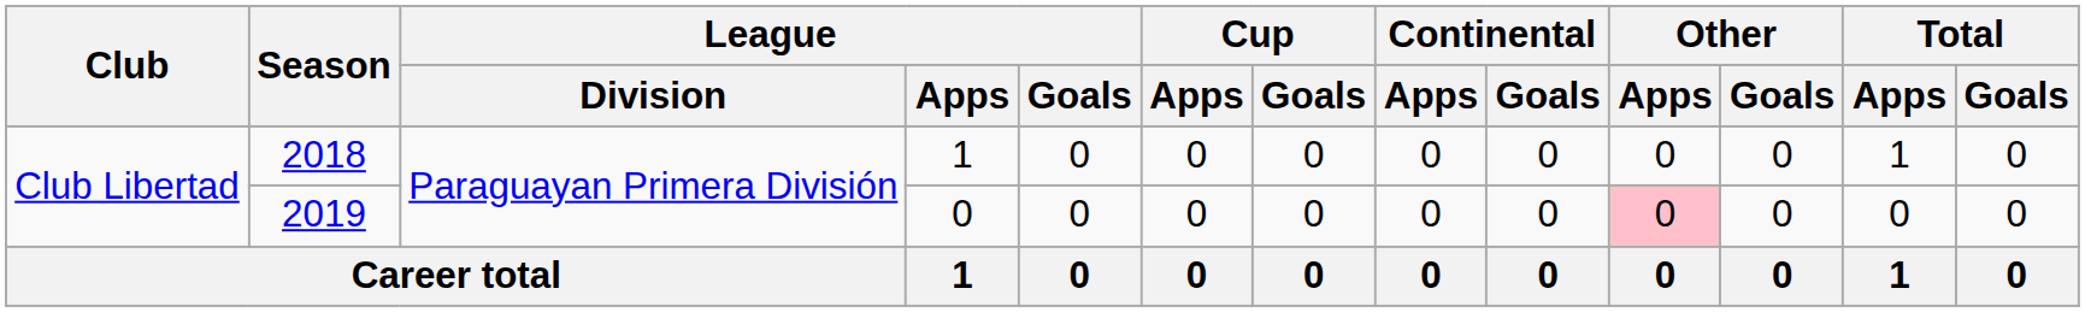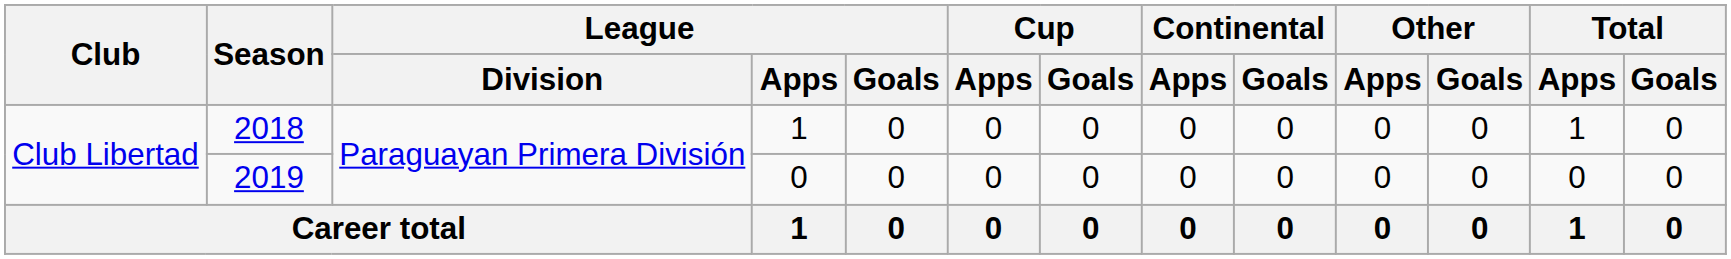 <table class="wikitable" style="text-align: center">
 <tr>
 <th rowspan="2">Club</th>
 <th rowspan="2">Season</th>
 <th colspan="3">League</th>
 <th colspan="2">Cup</th>
 <th colspan="2">Continental</th>
 <th colspan="2">Other</th>
 <th colspan="2">Total</th>
 </tr>
 <tr>
 <th>Division</th>
 <th>Apps</th>
 <th>Goals</th>
 <th>Apps</th>
 <th>Goals</th>
 <th>Apps</th>
 <th>Goals</th>
 <th>Apps</th>
 <th>Goals</th>
 <th>Apps</th>
 <th>Goals</th>
 </tr>
 <tr>
 <td rowspan="2"><a href='#'>Club Libertad</a></td>
 <td><a href='#'>2018</a></td>
 <td rowspan="2"><a href='#'>Paraguayan Primera División</a></td>
 <td>1</td>
 <td>0</td>
 <td>0</td>
 <td>0</td>
 <td>0</td>
 <td>0</td>
 <td>0</td>
 <td>0</td>
 <td>1</td>
 <td>0</td>
 </tr>
 <tr>
 <td><a href='#'>2019</a></td>
 <td>0</td>
 <td>0</td>
 <td>0</td>
 <td>0</td>
 <td>0</td>
 <td>0</td>
-<td style="background: pink;">0</td>
+<td>0</td>
 <td>0</td>
 <td>0</td>
 <td>0</td>
 </tr>
 <tr>
 <th colspan="3"><strong>Career total</strong></th>
 <th>1</th>
 <th>0</th>
 <th>0</th>
 <th>0</th>
 <th>0</th>
 <th>0</th>
 <th>0</th>
 <th>0</th>
 <th>1</th>
 <th>0</th>
 </tr>
 </table>
